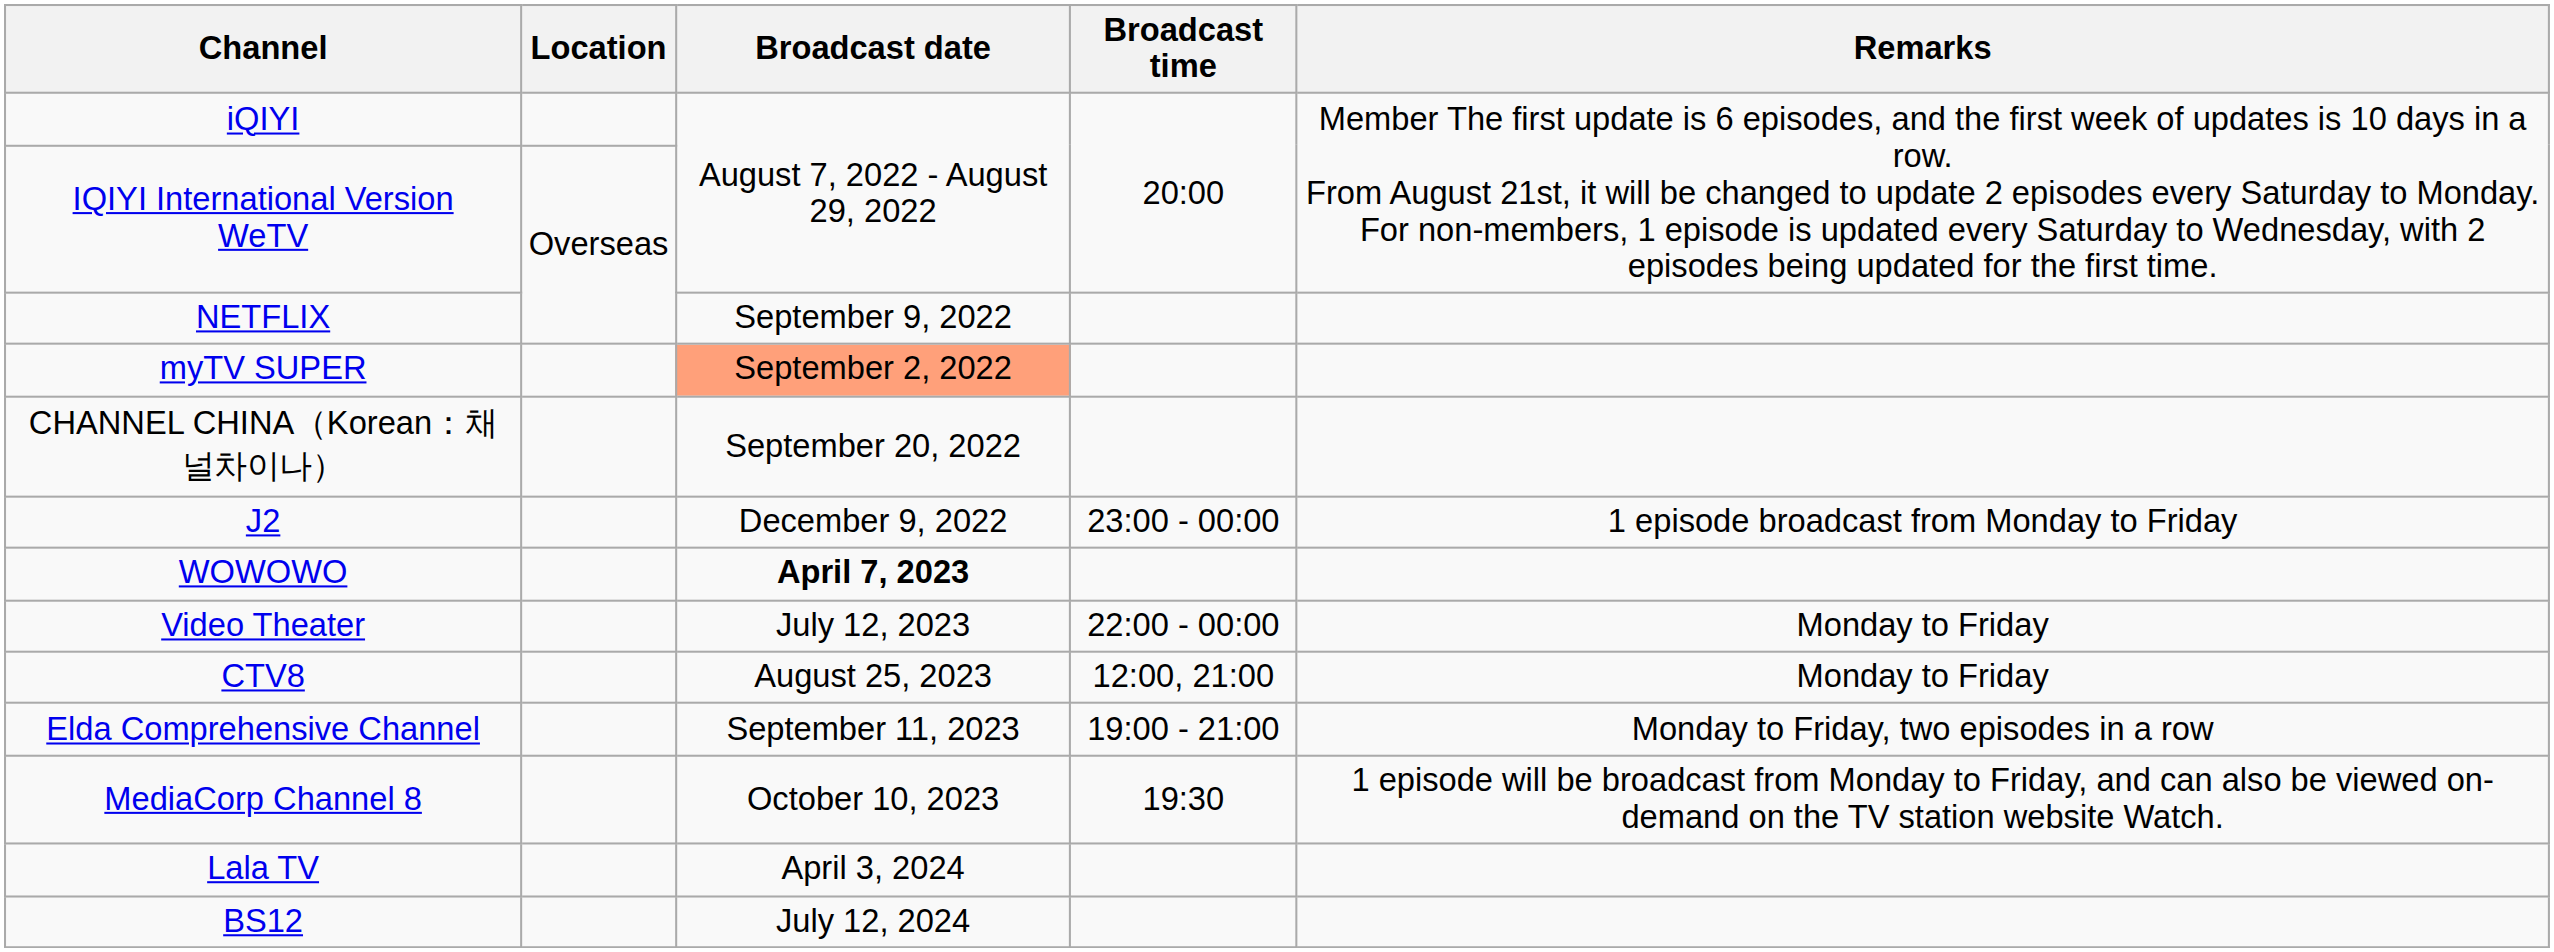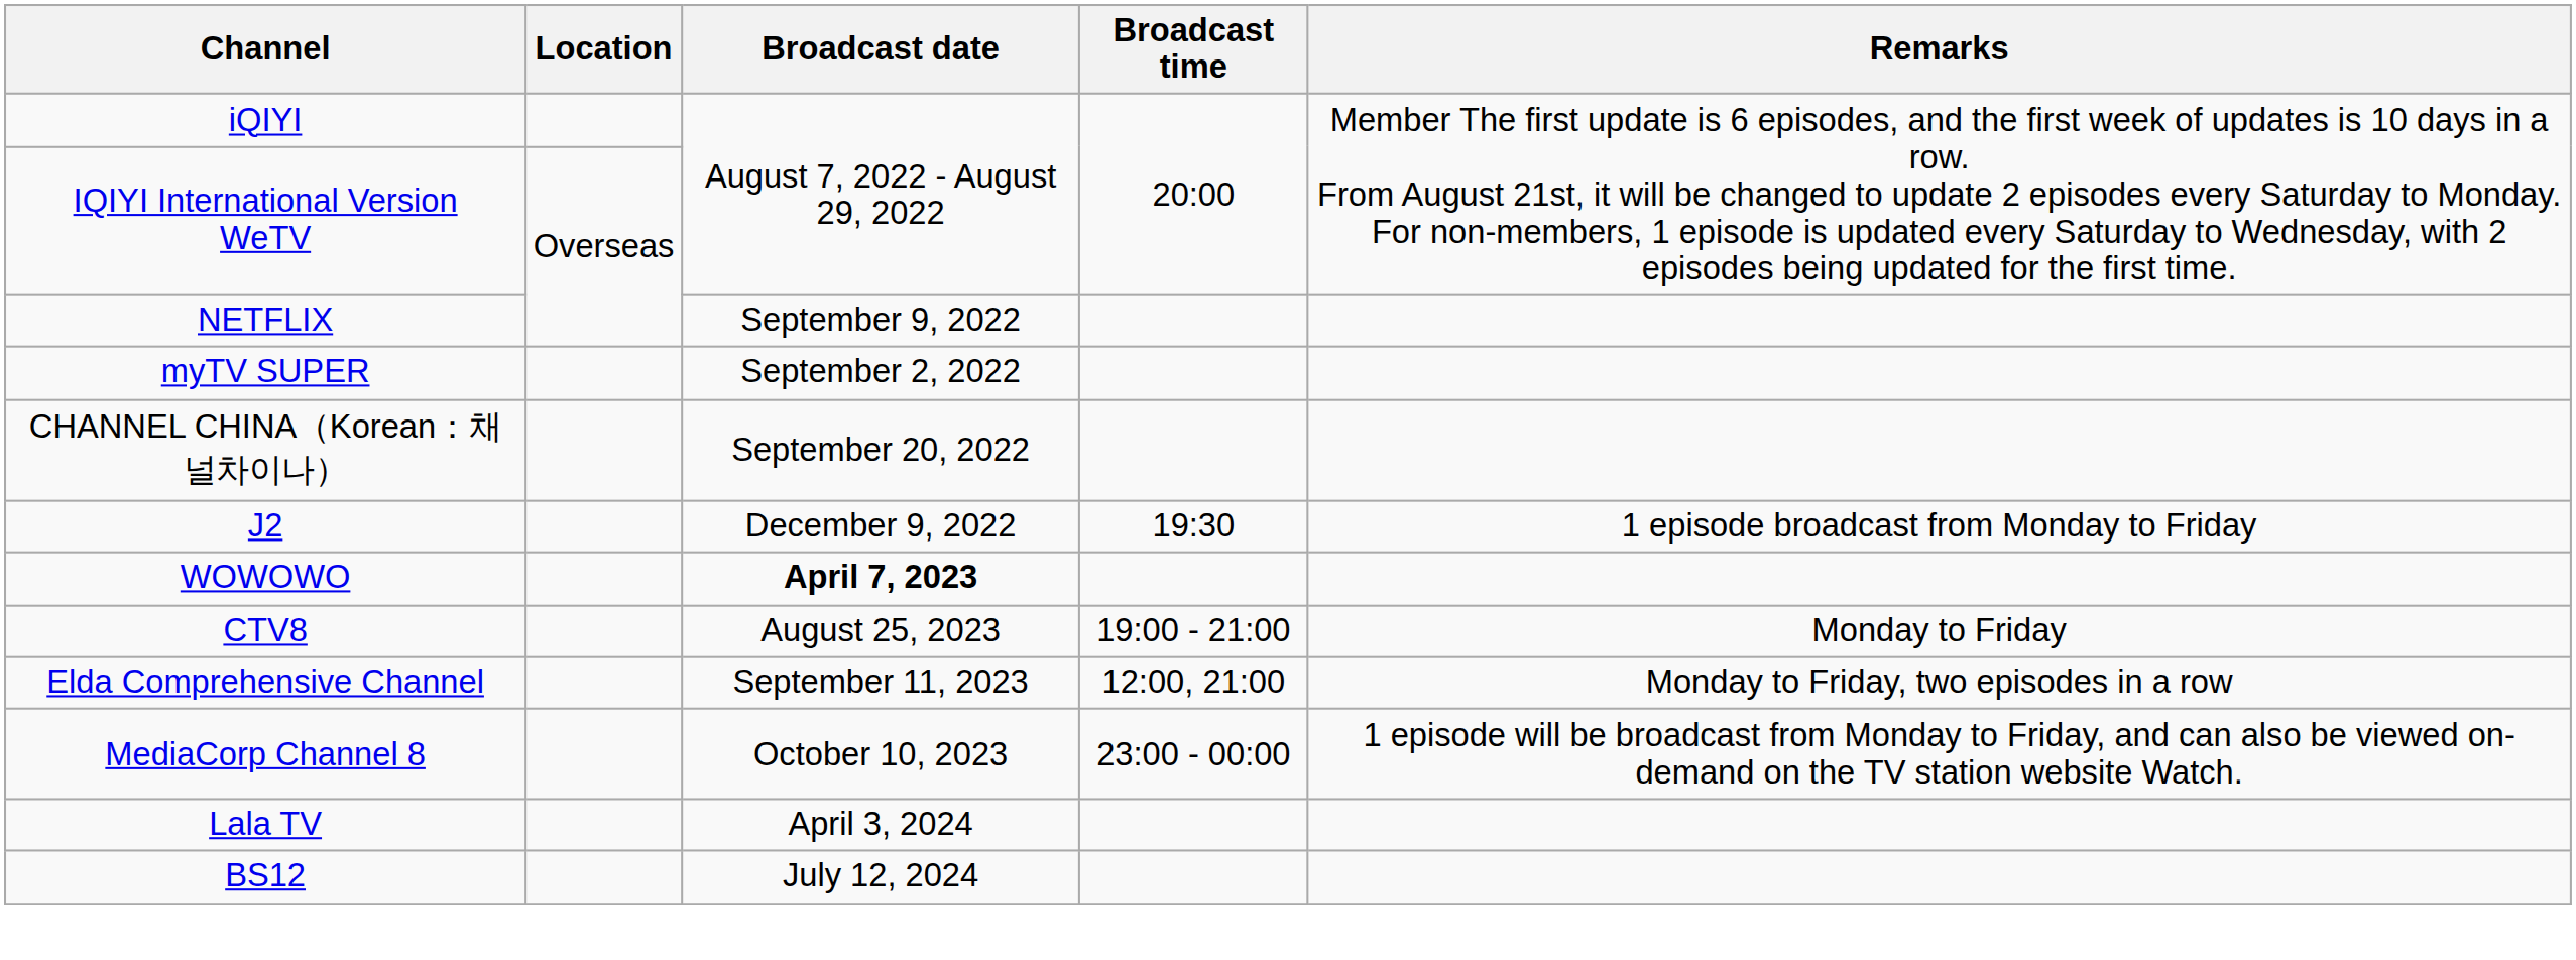 <table class="wikitable" style="text-align:center">
 <tr>
 <th>Channel</th>
 <th>Location</th>
 <th>Broadcast date</th>
 <th>Broadcast time</th>
 <th>Remarks</th>
 </tr>
 <tr>
 <td><a href='#'>iQIYI</a></td>
 <td></td>
 <td rowspan=2>August 7, 2022 - August 29, 2022</td>
 <td rowspan=2>20:00</td>
 <td rowspan=2>Member The first update is 6 episodes, and the first week of updates is 10 days in a row.<br>From August 21st, it will be changed to update 2 episodes every Saturday to Monday.  <br>For non-members, 1 episode is updated every Saturday to Wednesday, with 2 episodes being updated for the first time.</td>
 </tr>
 <tr>
 <td><a href='#'>IQIYI International Version</a><br><a href='#'>WeTV</a></td>
 <td rowspan=2>Overseas</td>
 </tr>
 <tr>
 <td><a href='#'>NETFLIX</a></td>
 <td>September 9, 2022</td>
 <td></td>
 <td></td>
 </tr>
 <tr>
 <td><a href='#'>myTV SUPER</a></td>
 <td></td>
-<td style="background: lightsalmon;">September 2, 2022</td>
+<td>September 2, 2022</td>
 <td></td>
 <td></td>
 </tr>
 <tr>
 <td {{link-ko>CHANNEL CHINA（Korean：채널차이나）</td>
 <td></td>
 <td>September 20, 2022</td>
 <td></td>
 <td></td>
 </tr>
 <tr>
 <td><a href='#'>J2</a></td>
 <td></td>
 <td>December 9, 2022</td>
-<td>23:00 - 00:00</td>
+<td>19:30</td>
 <td>1 episode broadcast from Monday to Friday</td>
 </tr>
 <tr>
 <td><a href='#'>WOWOWO</a></td>
 <td></td>
 <td><strong>April 7, 2023</strong></td>
 <td></td>
 <td></td>
 </tr>
 <tr>
-<td><a href='#'>Video Theater</a></td>
-<td></td>
-<td>July 12, 2023</td>
-<td>22:00 - 00:00</td>
-<td>Monday to Friday</td>
-</tr>
-<tr>
 <td><a href='#'>CTV8</a></td>
 <td></td>
 <td>August 25, 2023</td>
-<td>12:00, 21:00</td>
+<td>19:00 - 21:00</td>
 <td>Monday to Friday</td>
 </tr>
 <tr>
 <td><a href='#'>Elda Comprehensive Channel</a></td>
 <td></td>
 <td>September 11, 2023</td>
-<td>19:00 - 21:00</td>
+<td>12:00, 21:00</td>
 <td>Monday to Friday, two episodes in a row</td>
 </tr>
 <tr>
 <td><a href='#'>MediaCorp Channel 8</a></td>
 <td></td>
 <td>October 10, 2023</td>
-<td>19:30</td>
+<td>23:00 - 00:00</td>
 <td>1 episode will be broadcast from Monday to Friday, and can also be viewed on-demand on the TV station website Watch.</td>
 </tr>
 <tr>
 <td><a href='#'>Lala TV</a></td>
 <td></td>
 <td>April 3, 2024</td>
 <td></td>
 <td></td>
 </tr>
 <tr>
 <td><a href='#'>BS12</a></td>
 <td></td>
 <td>July 12, 2024</td>
 <td></td>
 <td></td>
 </tr>
 <tr>
 </tr>
 </table>
